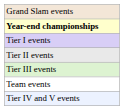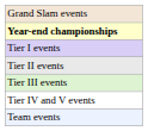 <table class=wikitable style=font-size:90%;width:15%>
 <tr style="background:#F3E6D7;">
 <td>Grand Slam events</td>
 </tr>
 <tr style="background:#ffc;">
 <td><strong>Year-end championships</strong></td>
 </tr>
 <tr style="background:#d8cef6;">
 <td>Tier I events</td>
 </tr>
 <tr style="background:#E9E9E9;">
 <td>Tier II events</td>
 </tr>
 <tr style="background:#DDF3D1;">
 <td>Tier III events</td>
 </tr>
 <tr style="background:#fff;">
+<td>Tier IV and V events</td>
+</tr>
+<tr style="background:#ECF2FF;">
 <td>Team events</td>
 </tr>
-<tr style="background:#ECF2FF;">
-<td>Tier IV and V events</td>
-</tr>
 </table>
